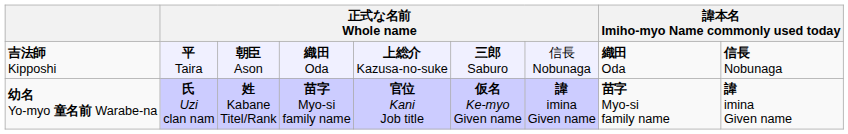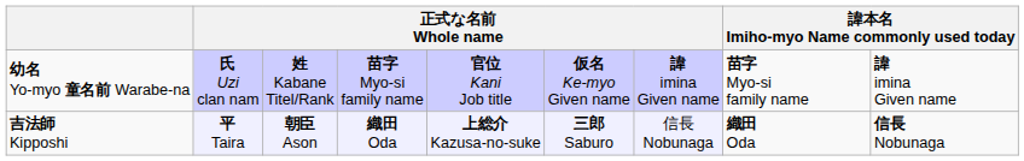 <table class="wikitable" align="right">
 <tr>
 <th></th>
 <th colspan="6" align="center" bgcolor="#f0f0ff">正式な名前<br>Whole name</th>
 <th colspan="2">諱本名<br>Imiho-myo Name commonly used today</th>
+</tr>
+<tr>
+<td><strong>幼名</strong><br>Yo-myo <strong>童名前</strong> Warabe-na</td>
+<td align="center" bgcolor="#ccccff"><strong>氏</strong><br><em>Uzi</em><br>clan nam</td>
+<td align="center" bgcolor="#ccccff"><strong>姓</strong><br>Kabane<br>Titel/Rank</td>
+<td align="center" bgcolor="#ccccff"><strong>苗字</strong><br>Myo-si<br>family name</td>
+<td align="center" bgcolor="#ccccff"><strong>官位</strong><br><em>Kani</em><br>Job title</td>
+<td align="center" bgcolor="#ccccff"><strong>仮名</strong><br><em>Ke-myo</em><br>Given name</td>
+<td align="center" bgcolor="#ccccff"><strong>諱</strong><br>imina<br>Given name</td>
+<td><strong>苗字</strong><br>Myo-si<br>family name</td>
+<td><strong>諱</strong><br>imina<br>Given name</td>
 </tr>
 <tr>
 <td><strong>吉法師</strong><br>Kipposhi</td>
 <td align="center" bgcolor="#f0f0ff"><strong>平</strong><br>Taira</td>
 <td align="center" bgcolor="#f0f0ff"><strong>朝臣</strong><br>Ason</td>
 <td align="center" bgcolor="#f0f0ff"><strong>織田</strong><br>Oda</td>
 <td align="center" bgcolor="#f0f0ff"><strong>上総介</strong><br>Kazusa-no-suke</td>
 <td align="center" bgcolor="#f0f0ff"><strong>三郎</strong><br>Saburo</td>
 <td align="center" bgcolor="#f0f0ff">信長<br>Nobunaga</td>
 <td><strong>織田</strong><br>Oda</td>
 <td><strong>信長</strong><br>Nobunaga</td>
 </tr>
-<tr>
-<td><strong>幼名</strong><br>Yo-myo <strong>童名前</strong> Warabe-na</td>
-<td align="center" bgcolor="#ccccff"><strong>氏</strong><br><em>Uzi</em><br>clan nam</td>
-<td align="center" bgcolor="#ccccff"><strong>姓</strong><br>Kabane<br>Titel/Rank</td>
-<td align="center" bgcolor="#ccccff"><strong>苗字</strong><br>Myo-si<br>family name</td>
-<td align="center" bgcolor="#ccccff"><strong>官位</strong><br><em>Kani</em><br>Job title</td>
-<td align="center" bgcolor="#ccccff"><strong>仮名</strong><br><em>Ke-myo</em><br>Given name</td>
-<td align="center" bgcolor="#ccccff"><strong>諱</strong><br>imina<br>Given name</td>
-<td><strong>苗字</strong><br>Myo-si<br>family name</td>
-<td><strong>諱</strong><br>imina<br>Given name</td>
-</tr>
 </table>
